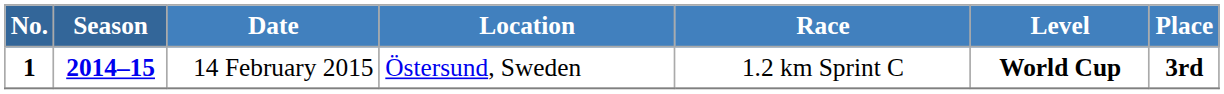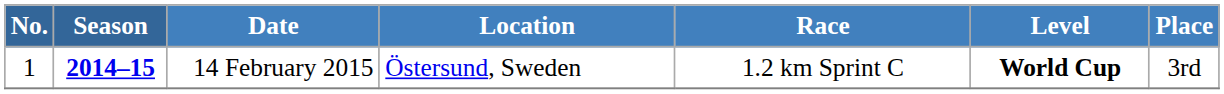 <table class="wikitable sortable" style="font-size:95%; text-align:center; border:grey solid 1px; border-collapse:collapse; background:#ffffff;">
 <tr style="background:#efefef;">
 <th style="background-color:#369; color:white;">No.</th>
 <th style="background-color:#369; color:white;">Season</th>
 <th style="background-color:#4180be; color:white; width:120px;">Date</th>
 <th style="background-color:#4180be; color:white; width:170px;">Location</th>
 <th style="background-color:#4180be; color:white; width:170px;">Race</th>
 <th style="background-color:#4180be; color:white; width:100px;">Level</th>
 <th style="background-color:#4180be; color:white;">Place</th>
 </tr>
 <tr>
-<td align=center><strong>1</strong></td>
+<td align=center>1</td>
 <td rowspan=1 align=center><strong> <a href='#'>2014–15</a> </strong></td>
 <td align=right>14 February 2015</td>
 <td align=left> <a href='#'>Östersund</a>, Sweden</td>
 <td>1.2 km Sprint C</td>
 <td><strong>World Cup</strong></td>
-<td><strong>3rd</strong></td>
+<td>3rd</td>
 </tr>
 <tr>
 </tr>
 </table>
